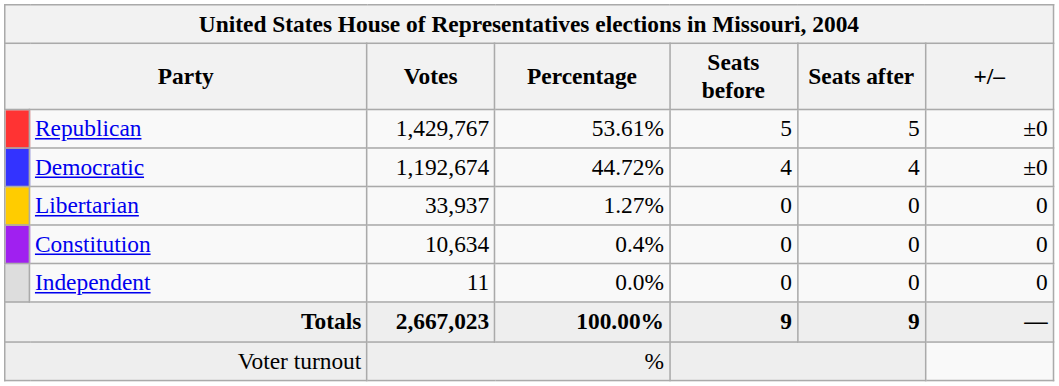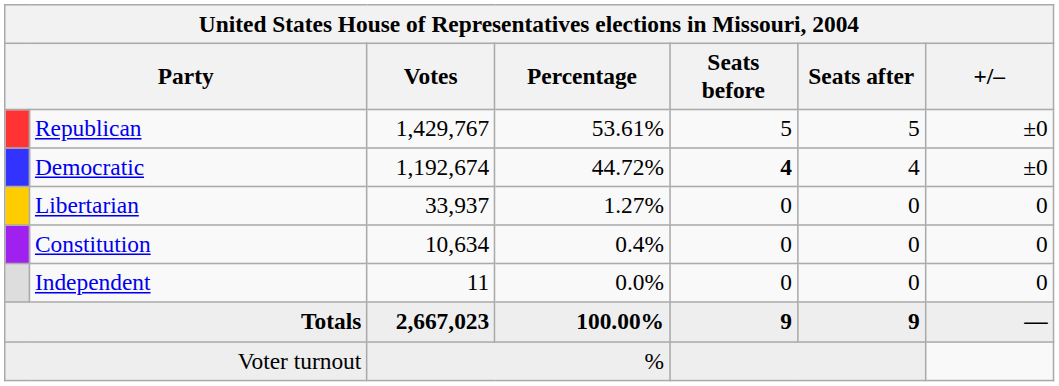 <table class="wikitable" style="font-size: 95%;">
 <tr>
 <th colspan="7">United States House of Representatives elections in Missouri, 2004 </th>
 </tr>
 <tr>
 <th colspan=2 style="width: 15em">Party</th>
 <th style="width: 5em">Votes</th>
 <th style="width: 7em">Percentage</th>
 <th style="width: 5em">Seats before</th>
 <th style="width: 5em">Seats after</th>
 <th style="width: 5em">+/–</th>
 </tr>
 <tr>
 <th style="background-color:#FF3333; width: 3px"></th>
 <td style="width: 130px"><a href='#'>Republican</a></td>
 <td align="right">1,429,767</td>
 <td align="right">53.61%</td>
 <td align="right">5</td>
 <td align="right">5</td>
 <td align="right">±0</td>
 </tr>
 <tr>
 <th style="background-color:#3333FF; width: 3px"></th>
 <td style="width: 130px"><a href='#'>Democratic</a></td>
 <td align="right">1,192,674</td>
 <td align="right">44.72%</td>
-<td align="right">4</td>
+<td align="right"><strong>4</strong></td>
 <td align="right">4</td>
 <td align="right">±0</td>
 </tr>
 <tr>
 <th style="background-color:#FFCC00; width: 3px"></th>
 <td style="width: 130px"><a href='#'>Libertarian</a></td>
 <td align="right">33,937</td>
 <td align="right">1.27%</td>
 <td align="right">0</td>
 <td align="right">0</td>
 <td align="right">0</td>
 </tr>
 <tr>
 <th style="background-color:#A020F0; width: 3px"></th>
 <td style="width: 130px"><a href='#'>Constitution</a></td>
 <td align="right">10,634</td>
 <td align="right">0.4%</td>
 <td align="right">0</td>
 <td align="right">0</td>
 <td align="right">0</td>
 </tr>
 <tr>
 <th style="background-color:#DDDDDD; width: 3px"></th>
 <td style="width: 130px"><a href='#'>Independent</a></td>
 <td align="right">11</td>
 <td align="right">0.0%</td>
 <td align="right">0</td>
 <td align="right">0</td>
 <td align="right">0</td>
 </tr>
 <tr bgcolor="#EEEEEE">
 <td colspan="2" align="right"><strong>Totals</strong></td>
 <td align="right"><strong>2,667,023</strong></td>
 <td align="right"><strong>100.00%</strong></td>
 <td align="right"><strong>9</strong></td>
 <td align="right"><strong>9</strong></td>
 <td align="right"><strong>—</strong></td>
 </tr>
 <tr bgcolor="#EEEEEE">
 <td colspan="2" align="right">Voter turnout</td>
 <td colspan="2" align="right">%</td>
 <td colspan="2" align="right"></td>
 </tr>
 </table>
